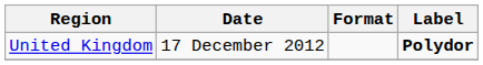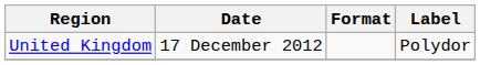 <table class=wikitable>
 <tr>
 <th>Region</th>
 <th>Date</th>
 <th>Format</th>
 <th>Label</th>
 </tr>
 <tr>
 <td><a href='#'>United Kingdom</a></td>
 <td>17 December 2012</td>
 <td></td>
-<td><strong>Polydor</strong></td>
+<td>Polydor</td>
 </tr>
 <tr>
 </tr>
 </table>
